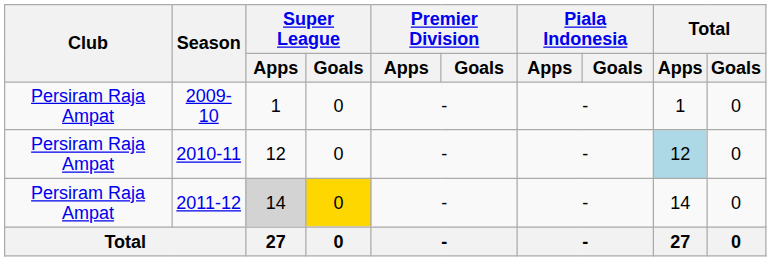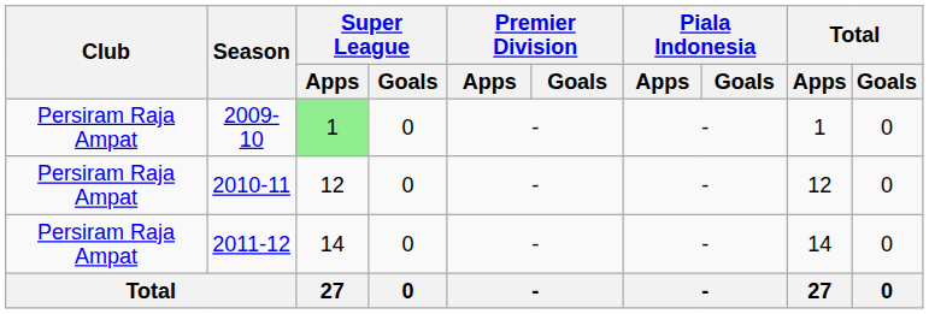 <table class="wikitable" style="font-size:90%; text-align:center;">
 <tr>
 <th rowspan="2">Club</th>
 <th rowspan="2">Season</th>
 <th colspan="2"><a href='#'>Super League</a></th>
 <th colspan="2"><a href='#'>Premier Division</a></th>
 <th colspan="2"><a href='#'>Piala Indonesia</a></th>
 <th colspan="2">Total</th>
 </tr>
 <tr>
 <th>Apps</th>
 <th>Goals</th>
 <th>Apps</th>
 <th>Goals</th>
 <th>Apps</th>
 <th>Goals</th>
 <th>Apps</th>
 <th>Goals</th>
 </tr>
 <tr>
 <td rowspan="1"><a href='#'>Persiram Raja Ampat</a></td>
 <td><a href='#'>2009-10</a></td>
-<td>1</td>
+<td style="background: lightgreen;">1</td>
 <td>0</td>
 <td colspan="2">-</td>
 <td colspan="2">-</td>
 <td>1</td>
 <td>0</td>
 </tr>
 <tr>
 <td rowspan="1"><a href='#'>Persiram Raja Ampat</a></td>
 <td><a href='#'>2010-11</a></td>
 <td>12</td>
 <td>0</td>
 <td colspan="2">-</td>
 <td colspan="2">-</td>
-<td style="background: lightblue;">12</td>
+<td>12</td>
 <td>0</td>
 </tr>
 <tr>
 <td rowspan="1"><a href='#'>Persiram Raja Ampat</a></td>
 <td><a href='#'>2011-12</a></td>
-<td style="background: lightgrey;">14</td>
-<td style="background: gold;">0</td>
+<td>14</td>
+<td>0</td>
 <td colspan="2">-</td>
 <td colspan="2">-</td>
 <td>14</td>
 <td>0</td>
 </tr>
 <tr>
 <th colspan="2">Total</th>
 <th>27</th>
 <th>0</th>
 <th colspan="2">-</th>
 <th colspan="2">-</th>
 <th>27</th>
 <th>0</th>
 </tr>
 </table>
